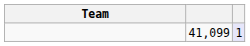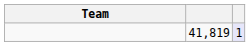 <table class="wikitable">
 <tr>
 <th style="width: 200px;">Team</th>
 <th></th>
 <th></th>
 </tr>
 <tr>
 <td><strong></strong></td>
-<td style="text-align: right;">41,099</td>
+<td style="text-align: right;">41,819</td>
 <td style="background: lavender; text-align: center;">1</td>
 </tr>
 </table>
